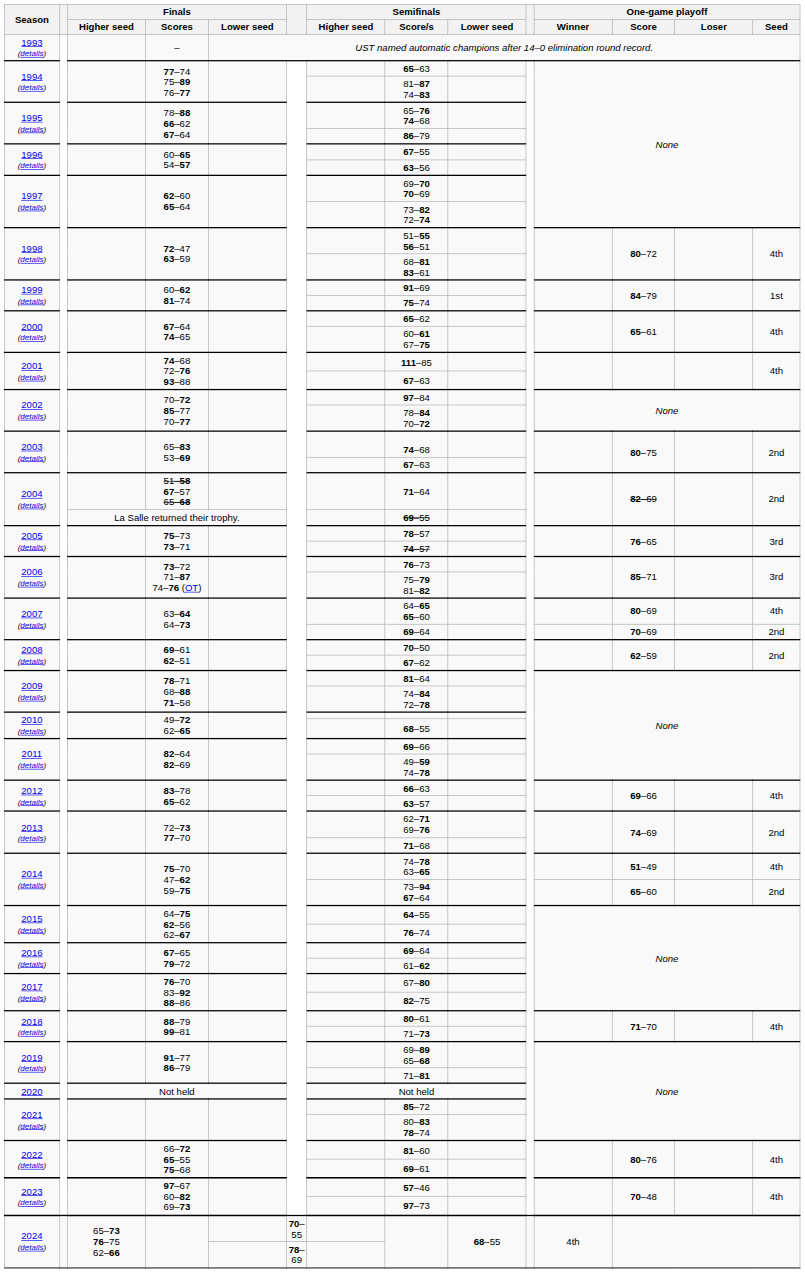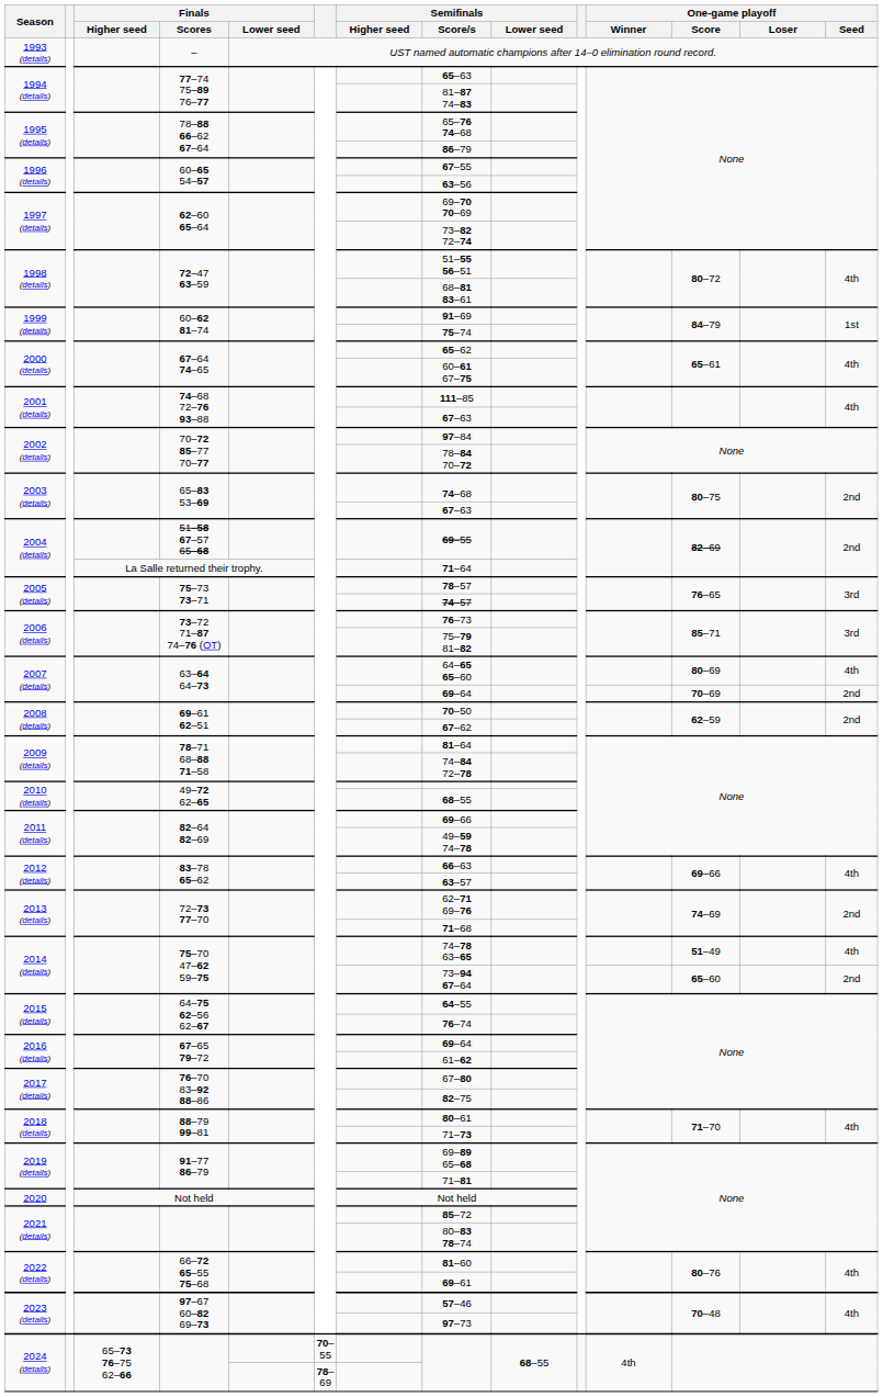 <table class=wikitable style="text-align:center; font-size:95%;" width="100%">
 <tr>
 <th width=7% rowspan=2>Season</th>
 <th rowspan=2 width=1%></th>
 <th colspan=3>Finals</th>
 <th rowspan=2 width=1%></th>
 <th colspan=3>Semifinals</th>
 <th rowspan=2 width=1%></th>
 <th colspan=4>One-game playoff</th>
 </tr>
 <tr>
 <th width=10%>Higher seed</th>
 <th width=8%>Scores</th>
 <th width=10%>Lower seed</th>
 <th width=10%>Higher seed</th>
 <th width=8%>Score/s</th>
 <th width=10%>Lower seed</th>
 <th width=10%>Winner</th>
 <th width=8%>Score</th>
 <th width=10%>Loser</th>
 <th width=6%>Seed</th>
 </tr>
 <tr>
 <td><a href='#'>1993</a><br><small><em>(<a href='#'>details</a>)</em></small></td>
 <td rowspan="62" bgcolor="white" width="1%"></td>
 <td align=right><strong></strong></td>
 <td>–</td>
 <td colspan=10><em>UST named automatic champions after 14–0 elimination round record.</em></td>
 </tr>
 <tr style = "border-top:2px solid black;">
 <td rowspan=2><a href='#'>1994</a><br><small><em>(<a href='#'>details</a>)</em></small></td>
 <td rowspan=2 align=right></td>
 <td rowspan="2"><strong>77</strong>–74<br>75–<strong>89</strong><br>76–<strong>77</strong></td>
 <td align=left rowspan=2><strong></strong></td>
 <td rowspan="62" bgcolor="white" width="1%"></td>
 <td align=right><strong></strong></td>
 <td><strong>65</strong>–63</td>
 <td align=left></td>
 <td rowspan="62" bgcolor="white" width="1%"></td>
 <td rowspan=8 colspan=4><em>None</em></td>
 </tr>
 <tr>
 <td align=right></td>
 <td>81–<strong>87</strong><br>74–<strong>83</strong></td>
 <td align=left><strong></strong></td>
 </tr>
 <tr style = "border-top:2px solid black;">
 <td rowspan=2><a href='#'>1995</a><br><small><em>(<a href='#'>details</a>)</em></small></td>
 <td rowspan=2 align=right><strong></strong></td>
 <td rowspan="2">78–<strong>88</strong><br><strong>66</strong>–62<br><strong>67</strong>–64</td>
 <td align=left rowspan=2></td>
 <td align=right><strong></strong></td>
 <td>65–<strong>76</strong><br><strong>74</strong>–68</td>
 <td align=left></td>
 </tr>
 <tr>
 <td align=right><strong></strong></td>
 <td><strong>86</strong>–79</td>
 <td align=left></td>
 </tr>
 <tr style = "border-top:2px solid black;">
 <td rowspan=2><a href='#'>1996</a><br><small><em>(<a href='#'>details</a>)</em></small></td>
 <td rowspan=2 align=right></td>
 <td rowspan="2">60–<strong>65</strong><br>54–<strong>57</strong></td>
 <td align=left rowspan=2><strong></strong></td>
 <td align=right><strong></strong></td>
 <td><strong>67</strong>–55</td>
 <td align=left></td>
 </tr>
 <tr>
 <td align=right><strong></strong></td>
 <td><strong>63</strong>–56</td>
 <td align=left></td>
 </tr>
 <tr style = "border-top:2px solid black;">
 <td rowspan=2><a href='#'>1997</a><br><small><em>(<a href='#'>details</a>)</em></small></td>
 <td rowspan=2 align=right><strong></strong></td>
 <td rowspan="2"><strong>62</strong>–60<br><strong>65</strong>–64</td>
 <td align=left rowspan=2></td>
 <td align=right><strong></strong></td>
 <td>69–<strong>70</strong><br><strong>70</strong>–69</td>
 <td align=left></td>
 </tr>
 <tr>
 <td align=right></td>
 <td>73–<strong>82</strong><br>72–<strong>74</strong></td>
 <td align=left><strong></strong></td>
 </tr>
 <tr style = "border-top:2px solid black;">
 <td rowspan=2><a href='#'>1998</a><br><small><em>(<a href='#'>details</a>)</em></small></td>
 <td rowspan=2 align=right><strong></strong></td>
 <td rowspan="2"><strong>72</strong>–47<br><strong>63</strong>–59</td>
 <td align=left rowspan=2></td>
 <td align=right><strong></strong></td>
 <td>51–<strong>55</strong><br><strong>56</strong>–51</td>
 <td align=left></td>
 <td rowspan=2 align=right><strong></strong></td>
 <td rowspan="2"><strong>80</strong>–72</td>
 <td align=left rowspan=2></td>
 <td rowspan=2>4th</td>
 </tr>
 <tr>
 <td align=right><strong></strong></td>
 <td>68–<strong>81</strong><br><strong>83</strong>–61</td>
 <td align=left></td>
 </tr>
 <tr style = "border-top:2px solid black;">
 <td rowspan=2><a href='#'>1999</a><br><small><em>(<a href='#'>details</a>)</em></small></td>
 <td rowspan=2 align=right><strong></strong></td>
 <td rowspan="2">60–<strong>62</strong><br><strong>81</strong>–74<br></td>
 <td align=left rowspan=2></td>
 <td align=right><strong></strong></td>
 <td><strong>91</strong>–69</td>
 <td align=left></td>
 <td rowspan=2 align=right><strong></strong></td>
 <td rowspan="2"><strong>84</strong>–79</td>
 <td align=left rowspan=2></td>
 <td rowspan=2>1st</td>
 </tr>
 <tr>
 <td align=right><strong></strong></td>
 <td><strong>75</strong>–74</td>
 <td align=left></td>
 </tr>
 <tr style = "border-top:2px solid black;">
 <td rowspan=2><a href='#'>2000</a><br><small><em>(<a href='#'>details</a>)</em></small></td>
 <td rowspan=2 align=right><strong></strong></td>
 <td rowspan="2"><strong>67</strong>–64<br><strong>74</strong>–65</td>
 <td align=left rowspan=2></td>
 <td align=right><strong></strong></td>
 <td><strong>65</strong>–62</td>
 <td align=left></td>
 <td rowspan=2 align=right><strong></strong></td>
 <td rowspan="2"><strong>65</strong>–61</td>
 <td align=left rowspan=2></td>
 <td rowspan=2>4th</td>
 </tr>
 <tr>
 <td align=right></td>
 <td>60–<strong>61</strong><br>67–<strong>75</strong></td>
 <td align=left><strong></strong></td>
 </tr>
 <tr style = "border-top:2px solid black;">
 <td rowspan=2><a href='#'>2001</a><br><small><em>(<a href='#'>details</a>)</em></small></td>
 <td rowspan=2 align=right><strong></strong></td>
 <td rowspan="2"><strong>74</strong>–68<br>72–<strong>76</strong><br><strong>93</strong>–88</td>
 <td align=left rowspan=2></td>
 <td align=right><strong></strong></td>
 <td><strong>111</strong>–85</td>
 <td align=left></td>
 <td rowspan=2 align=right><strong></strong></td>
 <td rowspan="2"></td>
 <td align=left rowspan=2></td>
 <td rowspan=2>4th</td>
 </tr>
 <tr>
 <td align=right><strong></strong></td>
 <td><strong>67</strong>–63</td>
 <td align=left></td>
 </tr>
 <tr style = "border-top:2px solid black;">
 <td rowspan=2><a href='#'>2002</a><br><small><em>(<a href='#'>details</a>)</em></small></td>
 <td rowspan=2 align=right></td>
 <td rowspan="2">70–<strong>72</strong><br><strong>85</strong>–77<br>70–<strong>77</strong></td>
 <td align=left rowspan=2><strong></strong></td>
 <td align=right><strong></strong></td>
 <td><strong>97</strong>–84</td>
 <td align=left></td>
 <td colspan=4 rowspan=2><em>None</em></td>
 </tr>
 <tr>
 <td align=right></td>
 <td>78–<strong>84</strong><br>70–<strong>72</strong></td>
 <td align=left><strong></strong></td>
 </tr>
 <tr style = "border-top:2px solid black;">
 <td rowspan=2><a href='#'>2003</a><br><small><em>(<a href='#'>details</a>)</em></small></td>
 <td rowspan=2 align=right></td>
 <td rowspan="2">65–<strong>83</strong><br>53–<strong>69</strong></td>
 <td align=left rowspan=2><strong></strong></td>
 <td align=right><strong></strong></td>
 <td><br> <strong>74</strong>–68</td>
 <td align=left></td>
 <td rowspan=2 align=right><strong></strong></td>
 <td rowspan="2"><strong>80</strong>–75</td>
 <td align=left rowspan=2></td>
 <td rowspan=2>2nd</td>
 </tr>
 <tr>
 <td align=right><strong></strong></td>
 <td><strong>67</strong>–63</td>
 <td align=left></td>
 </tr>
 <tr style = "border-top:2px solid black;">
 <td rowspan=2><a href='#'>2004</a><br><small><em>(<a href='#'>details</a>)</em></small></td>
 <td align=right><strong></strong></td>
 <td><s>51–<strong>58</strong></s><br> <strong>67</strong>–57<br><s>65–<strong>68</strong></s></td>
 <td align=left></td>
 <td align=right><strong></strong></td>
-<td><strong>71</strong>–64</td>
+<td><s><strong>69</strong>–55</s></td>
 <td align=left></td>
 <td rowspan=2 align=right><strong></strong></td>
 <td rowspan=2><s><strong>82</strong>–69</s></td>
 <td align=left rowspan=2></td>
 <td rowspan=2>2nd</td>
 </tr>
 <tr>
 <td colspan=3>La Salle returned their trophy.</td>
 <td align=right><strong></strong></td>
-<td><s><strong>69</strong>–55</s></td>
+<td><strong>71</strong>–64</td>
 <td align=left></td>
 </tr>
 <tr style = "border-top:2px solid black;">
 <td rowspan=2><a href='#'>2005</a><br><small><em>(<a href='#'>details</a>)</em></small></td>
 <td rowspan=2 align=right><strong></strong></td>
 <td rowspan="2"><strong>75</strong>–73<br><strong>73</strong>–71</td>
 <td align=left rowspan=2></td>
 <td align=right><strong></strong></td>
 <td><strong>78</strong>–57</td>
 <td align=left></td>
 <td rowspan=2 align=right><strong></strong></td>
 <td rowspan="2"><strong>76</strong>–65</td>
 <td align=left rowspan=2></td>
 <td rowspan=2>3rd</td>
 </tr>
 <tr>
 <td align=right><strong></strong></td>
 <td><s><strong>74</strong>–57</s></td>
 <td align=left></td>
 </tr>
 <tr style = "border-top:2px solid black;">
 <td rowspan=2><a href='#'>2006</a><br><small><em>(<a href='#'>details</a>)</em></small></td>
 <td rowspan=2 align=right></td>
 <td rowspan="2"><strong>73</strong>–72<br>71–<strong>87</strong><br>74–<strong>76 </strong>(<a href='#'>OT</a>)</td>
 <td align=left rowspan=2><strong></strong></td>
 <td align=right><strong></strong></td>
 <td><strong>76</strong>–73</td>
 <td align=left></td>
 <td rowspan=2 align=right><strong></strong></td>
 <td rowspan="2"><strong>85</strong>–71</td>
 <td align=left rowspan=2></td>
 <td rowspan=2>3rd</td>
 </tr>
 <tr>
 <td align=right></td>
 <td>75–<strong>79</strong><br>81–<strong>82</strong></td>
 <td align=left><strong></strong></td>
 </tr>
 <tr style = "border-top:2px solid black;">
 <td rowspan=2><a href='#'>2007</a><br><small><em>(<a href='#'>details</a>)</em></small></td>
 <td rowspan=2 align=right></td>
 <td rowspan="2">63–<strong>64</strong><br>64–<strong>73</strong></td>
 <td align=left rowspan=2><br><strong></strong></td>
 <td align=right><strong></strong></td>
 <td>64–<strong>65</strong><br><strong>65</strong>–60</td>
 <td align=left></td>
 <td align=right><strong></strong></td>
 <td><strong>80</strong>–69</td>
 <td align=left></td>
 <td>4th</td>
 </tr>
 <tr>
 <td align=right><strong></strong></td>
 <td><strong>69</strong>–64</td>
 <td align=left></td>
 <td align=right><strong></strong></td>
 <td><strong>70</strong>–69</td>
 <td align=left></td>
 <td>2nd</td>
 </tr>
 <tr style = "border-top:2px solid black;">
 <td rowspan=2><a href='#'>2008</a><br><small><em>(<a href='#'>details</a>)</em></small></td>
 <td align=right rowspan=2><strong></strong></td>
 <td rowspan="2"><strong>69</strong>–61<br><strong>62</strong>–51</td>
 <td align=left rowspan=2></td>
 <td align=right><strong></strong></td>
 <td><strong>70</strong>–50</td>
 <td align=left></td>
 <td rowspan=2 align=right><strong></strong></td>
 <td rowspan="2"><strong>62</strong>–59</td>
 <td rowspan=2 align=left></td>
 <td rowspan=2>2nd</td>
 </tr>
 <tr>
 <td align=right><strong></strong></td>
 <td><strong>67</strong>–62</td>
 <td align=left></td>
 </tr>
 <tr style = "border-top:2px solid black;">
 <td rowspan=2><a href='#'>2009</a><br><small><em>(<a href='#'>details</a>)</em></small></td>
 <td rowspan=2 align=right><strong></strong></td>
 <td rowspan="2"><strong>78</strong>–71<br>68–<strong>88</strong><br><strong>71</strong>–58</td>
 <td align=left rowspan=2></td>
 <td align=right><strong></strong></td>
 <td><strong>81</strong>–64</td>
 <td align=left></td>
 <td colspan=4 rowspan=6><em>None</em></td>
 </tr>
 <tr>
 <td align=right></td>
 <td>74–<strong>84</strong><br>72–<strong>78</strong></td>
 <td align=left><strong></strong></td>
 </tr>
 <tr style = "border-top:2px solid black;">
 <td rowspan=2><a href='#'>2010</a><br><small><em>(<a href='#'>details</a>)</em></small></td>
 <td rowspan=2 align=right></td>
 <td rowspan="2">49–<strong>72</strong><br>62–<strong>65</strong></td>
 <td align=left rowspan=2><strong></strong></td>
 <td align=right><strong></strong></td>
 <td></td>
 <td align=left></td>
 </tr>
 <tr>
 <td align=right><strong></strong></td>
 <td><strong>68</strong>–55</td>
 <td align=left></td>
 </tr>
 <tr style = "border-top:2px solid black;">
 <td rowspan=2><a href='#'>2011</a><br><small><em>(<a href='#'>details</a>)</em></small></td>
 <td rowspan=2 align=right><strong></strong></td>
 <td rowspan="2"><strong>82</strong>–64<br><strong>82</strong>–69</td>
 <td align=left rowspan=2></td>
 <td align=right><strong></strong></td>
 <td><strong>69</strong>–66</td>
 <td align=left></td>
 </tr>
 <tr>
 <td align=right></td>
 <td>49–<strong>59</strong><br>74–<strong>78</strong></td>
 <td align=left><strong></strong></td>
 </tr>
 <tr style = "border-top:2px solid black;">
 <td rowspan=2><a href='#'>2012</a><br><small><em>(<a href='#'>details</a>)</em></small></td>
 <td align=right rowspan=2><strong></strong></td>
 <td rowspan="2"><strong>83</strong>–78<br><strong>65</strong>–62</td>
 <td align=left rowspan=2></td>
 <td align=right><strong></strong></td>
 <td><strong>66</strong>–63</td>
 <td align=left></td>
 <td align=right rowspan=2><strong></strong></td>
 <td rowspan="2"><strong>69</strong>–66</td>
 <td rowspan=2 align=left></td>
 <td rowspan=2>4th</td>
 </tr>
 <tr>
 <td align=right><strong></strong></td>
 <td><strong>63</strong>–57</td>
 <td align=left></td>
 </tr>
 <tr style = "border-top:2px solid black;">
 <td rowspan=2><a href='#'>2013</a><br><small><em>(<a href='#'>details</a>)</em></small></td>
 <td align=right rowspan=2><strong></strong></td>
 <td rowspan="2">72–<strong>73</strong><br><strong>77</strong>–70<br></td>
 <td align=left rowspan=2></td>
 <td align=right></td>
 <td>62–<strong>71</strong><br>69–<strong>76</strong></td>
 <td align="left"><strong></strong></td>
 <td align=right rowspan=2><strong></strong></td>
 <td rowspan="2"><strong>74</strong>–69</td>
 <td align=left rowspan=2></td>
 <td rowspan=2>2nd</td>
 </tr>
 <tr>
 <td align=right><strong></strong></td>
 <td><strong>71</strong>–68</td>
 <td align=left></td>
 </tr>
 <tr style = "border-top:2px solid black;">
 <td rowspan="2"><a href='#'>2014</a><br><small><em>(<a href='#'>details</a>)</em></small></td>
 <td align=right rowspan="2"></td>
 <td rowspan="2"><strong>75</strong>–70<br>47–<strong>62</strong><br>59–<strong>75</strong></td>
 <td rowspan="2" align="left"><strong></strong></td>
 <td align=right></td>
 <td>74–<strong>78</strong><br>63–<strong>65</strong></td>
 <td align="left"><strong></strong></td>
 <td align=right><strong></strong></td>
 <td><strong>51</strong>–49</td>
 <td align="left"></td>
 <td>4th</td>
 </tr>
 <tr>
 <td align=right><strong></strong></td>
 <td>73–<strong>94</strong><br><strong>67</strong>–64</td>
 <td align="left"></td>
 <td align=right><strong></strong></td>
 <td><strong>65</strong>–60</td>
 <td align="left"></td>
 <td>2nd</td>
 </tr>
 <tr style = "border-top:2px solid black;">
 <td rowspan=2><a href='#'>2015</a><br><small><em>(<a href='#'>details</a>)</em></small></td>
 <td align=right rowspan=2></td>
 <td rowspan="2">64–<strong>75</strong><br><strong>62</strong>–56<br>62–<strong>67</strong></td>
 <td align=left rowspan=2><strong></strong></td>
 <td align=right><strong></strong></td>
 <td><strong>64</strong>–55</td>
 <td align=left></td>
 <td colspan=4 rowspan=6><em>None</em></td>
 </tr>
 <tr>
 <td align=right><strong></strong></td>
 <td><strong>76</strong>–74</td>
 <td align=left></td>
 </tr>
 <tr style = "border-top:2px solid black;">
 <td rowspan=2><a href='#'>2016</a><br><small><em>(<a href='#'>details</a>)</em></small></td>
 <td align=right rowspan="2"><strong></strong></td>
 <td rowspan="2"><strong>67</strong>–65<br><strong>79</strong>–72</td>
 <td rowspan="2" align="left"></td>
 <td align=right><strong></strong></td>
 <td><strong>69</strong>–64</td>
 <td align="left"></td>
 </tr>
 <tr>
 <td align=right><strong></strong></td>
 <td>61–<strong>62</strong><br></td>
 <td align="left"></td>
 </tr>
 <tr style = "border-top:2px solid black;">
 <td rowspan=2><a href='#'>2017</a><br><small><em>(<a href='#'>details</a>)</em></small></td>
 <td align=right rowspan="2"><strong></strong></td>
 <td rowspan="2"><strong>76</strong>–70<br>83–<strong>92</strong><br><strong>88</strong>–86</td>
 <td rowspan="2" align="left"></td>
 <td align=right><strong></strong></td>
 <td>67–<strong>80</strong><br></td>
 <td align="left"></td>
 </tr>
 <tr>
 <td align=right><strong></strong></td>
 <td><strong>82</strong>–75</td>
 <td align="left"></td>
 </tr>
 <tr style = "border-top:2px solid black;">
 <td rowspan=2><a href='#'>2018</a><br><small><em>(<a href='#'>details</a>)</em></small></td>
 <td align=right rowspan="2"><strong></strong></td>
 <td rowspan="2"><strong>88</strong>–79<br><strong>99</strong>–81</td>
 <td rowspan="2" align="left"></td>
 <td align=right><strong></strong></td>
 <td><strong>80</strong>–61</td>
 <td align="left"></td>
 <td rowspan=2 align=right><strong></strong></td>
 <td rowspan=2><strong>71</strong>–70</td>
 <td rowspan=2 align="left"></td>
 <td rowspan=2>4th</td>
 </tr>
 <tr>
 <td align=right></td>
 <td>71–<strong>73</strong><br></td>
 <td align="left"><strong></strong></td>
 </tr>
 <tr style = "border-top:2px solid black;">
 <td rowspan=2><a href='#'>2019</a><br><small><em>(<a href='#'>details</a>)</em></small></td>
 <td rowspan=2 align=right><strong></strong></td>
 <td rowspan="2"><strong>91</strong>–77<br><strong>86</strong>–79</td>
 <td align=left rowspan=2></td>
 <td align=right></td>
 <td>69–<strong>89</strong><br>65–<strong>68</strong></td>
 <td align=left><strong></strong></td>
 <td colspan="4" rowspan="5"><em>None</em></td>
 </tr>
 <tr>
 <td align=right></td>
 <td>71–<strong>81</strong></td>
 <td align=left><strong></strong></td>
 </tr>
 <tr style = "border-top:2px solid black;">
 <td><a href='#'>2020</a></td>
 <td colspan="3">Not held</td>
 <td colspan="3">Not held</td>
 </tr>
 <tr style = "border-top:2px solid black;">
 <td rowspan=2><a href='#'>2021</a><br><small><em>(<a href='#'>details</a>)</em></small></td>
 <td align=right rowspan="2"></td>
 <td rowspan="2"><br></td>
 <td rowspan="2" align="left"><strong></strong></td>
 <td align=right><strong></strong></td>
 <td><strong>85</strong>–72</td>
 <td align="left"></td>
 </tr>
 <tr>
 <td align=right><strong></strong></td>
 <td>80–<strong>83</strong><br><strong>78</strong>–74</td>
 <td align="left"></td>
 </tr>
 <tr style = "border-top:2px solid black;">
 <td rowspan=2><a href='#'>2022</a><br><small><em>(<a href='#'>details</a>)</em></small></td>
 <td align=right rowspan=2><strong></strong></td>
 <td rowspan=2>66–<strong>72</strong><br><strong>65</strong>–55<br> <strong>75</strong>–68</td>
 <td align=left rowspan=2></td>
 <td align=right><strong></strong></td>
 <td><strong>81</strong>–60</td>
 <td align=left></td>
 <td align=right rowspan=2><strong></strong></td>
 <td rowspan=2><strong>80</strong>–76</td>
 <td align=left rowspan=2></td>
 <td rowspan=2>4th</td>
 </tr>
 <tr>
 <td align=right><strong></strong></td>
 <td><strong>69</strong>–61</td>
 <td align="left"></td>
 </tr>
 <tr style = "border-top:2px solid black;">
 </tr>
 <tr style = "border-top:2px solid black;">
 <td rowspan=2><a href='#'>2023</a><br><small><em>(<a href='#'>details</a>)</em></small></td>
 <td align=right rowspan=2></td>
 <td rowspan=2><strong>97</strong>–67<br>60–<strong>82</strong><br>69–<strong>73</strong></td>
 <td align=left rowspan=2><strong></strong></td>
 <td align=right><strong></strong></td>
 <td><strong>57</strong>–46</td>
 <td align=left></td>
 <td align=right rowspan=2><strong></strong></td>
 <td rowspan=2><strong>70</strong>–48</td>
 <td align=left rowspan=2></td>
 <td rowspan=2>4th</td>
 </tr>
 <tr>
 <td align=right><strong></strong></td>
 <td><strong>97</strong>–73</td>
 <td align="left"></td>
 </tr>
 <tr style = "border-top:2px solid black;">
 </tr>
 <tr>
 </tr>
 <tr style = "border-top:2px solid black;">
 <td rowspan=2><a href='#'>2024</a><br><small><em>(<a href='#'>details</a>)</em></small></td>
 <td align=right rowspan=2></td>
 <td rowspan=2>65–<strong>73</strong><br><strong>76</strong>–75<br>62–<strong>66</strong></td>
 <td rowspan="2" align="left"><strong></strong></td>
 <td align=right><strong></strong></td>
 <td><strong>70</strong>–55</td>
 <td align=left></td>
 <td align=right rowspan=2><strong></strong></td>
 <td rowspan=2><strong>68</strong>–55</td>
 <td align=left rowspan=2></td>
 <td rowspan=2>4th</td>
 </tr>
 <tr>
 <td align=right><strong></strong></td>
 <td><strong>78</strong>–69</td>
 <td align="left"></td>
 </tr>
 <tr style = "border-top:2px solid black;">
 </tr>
 <tr>
 </tr>
 </table>
